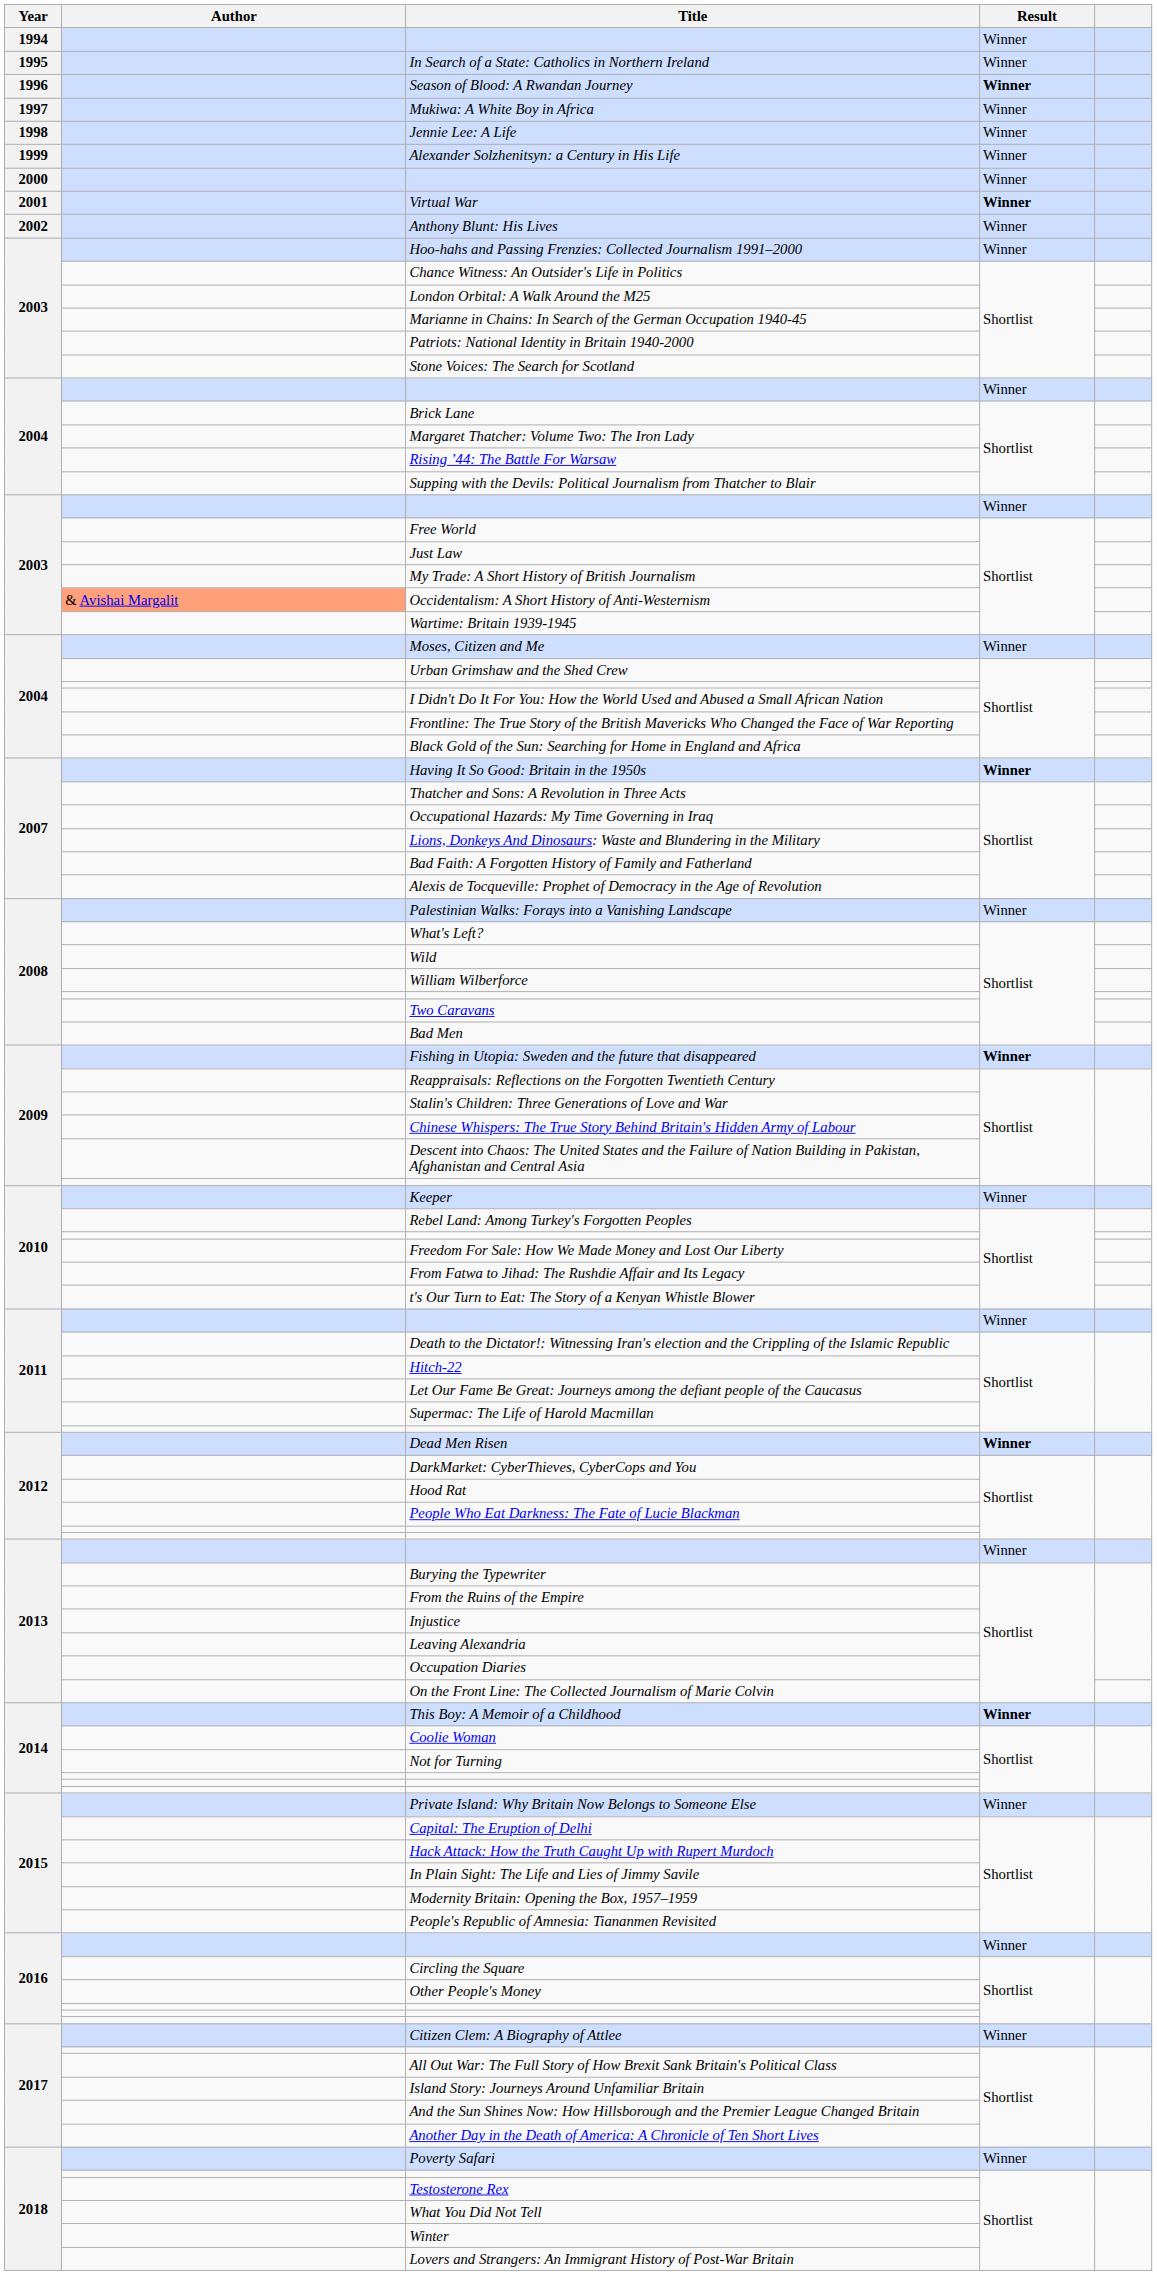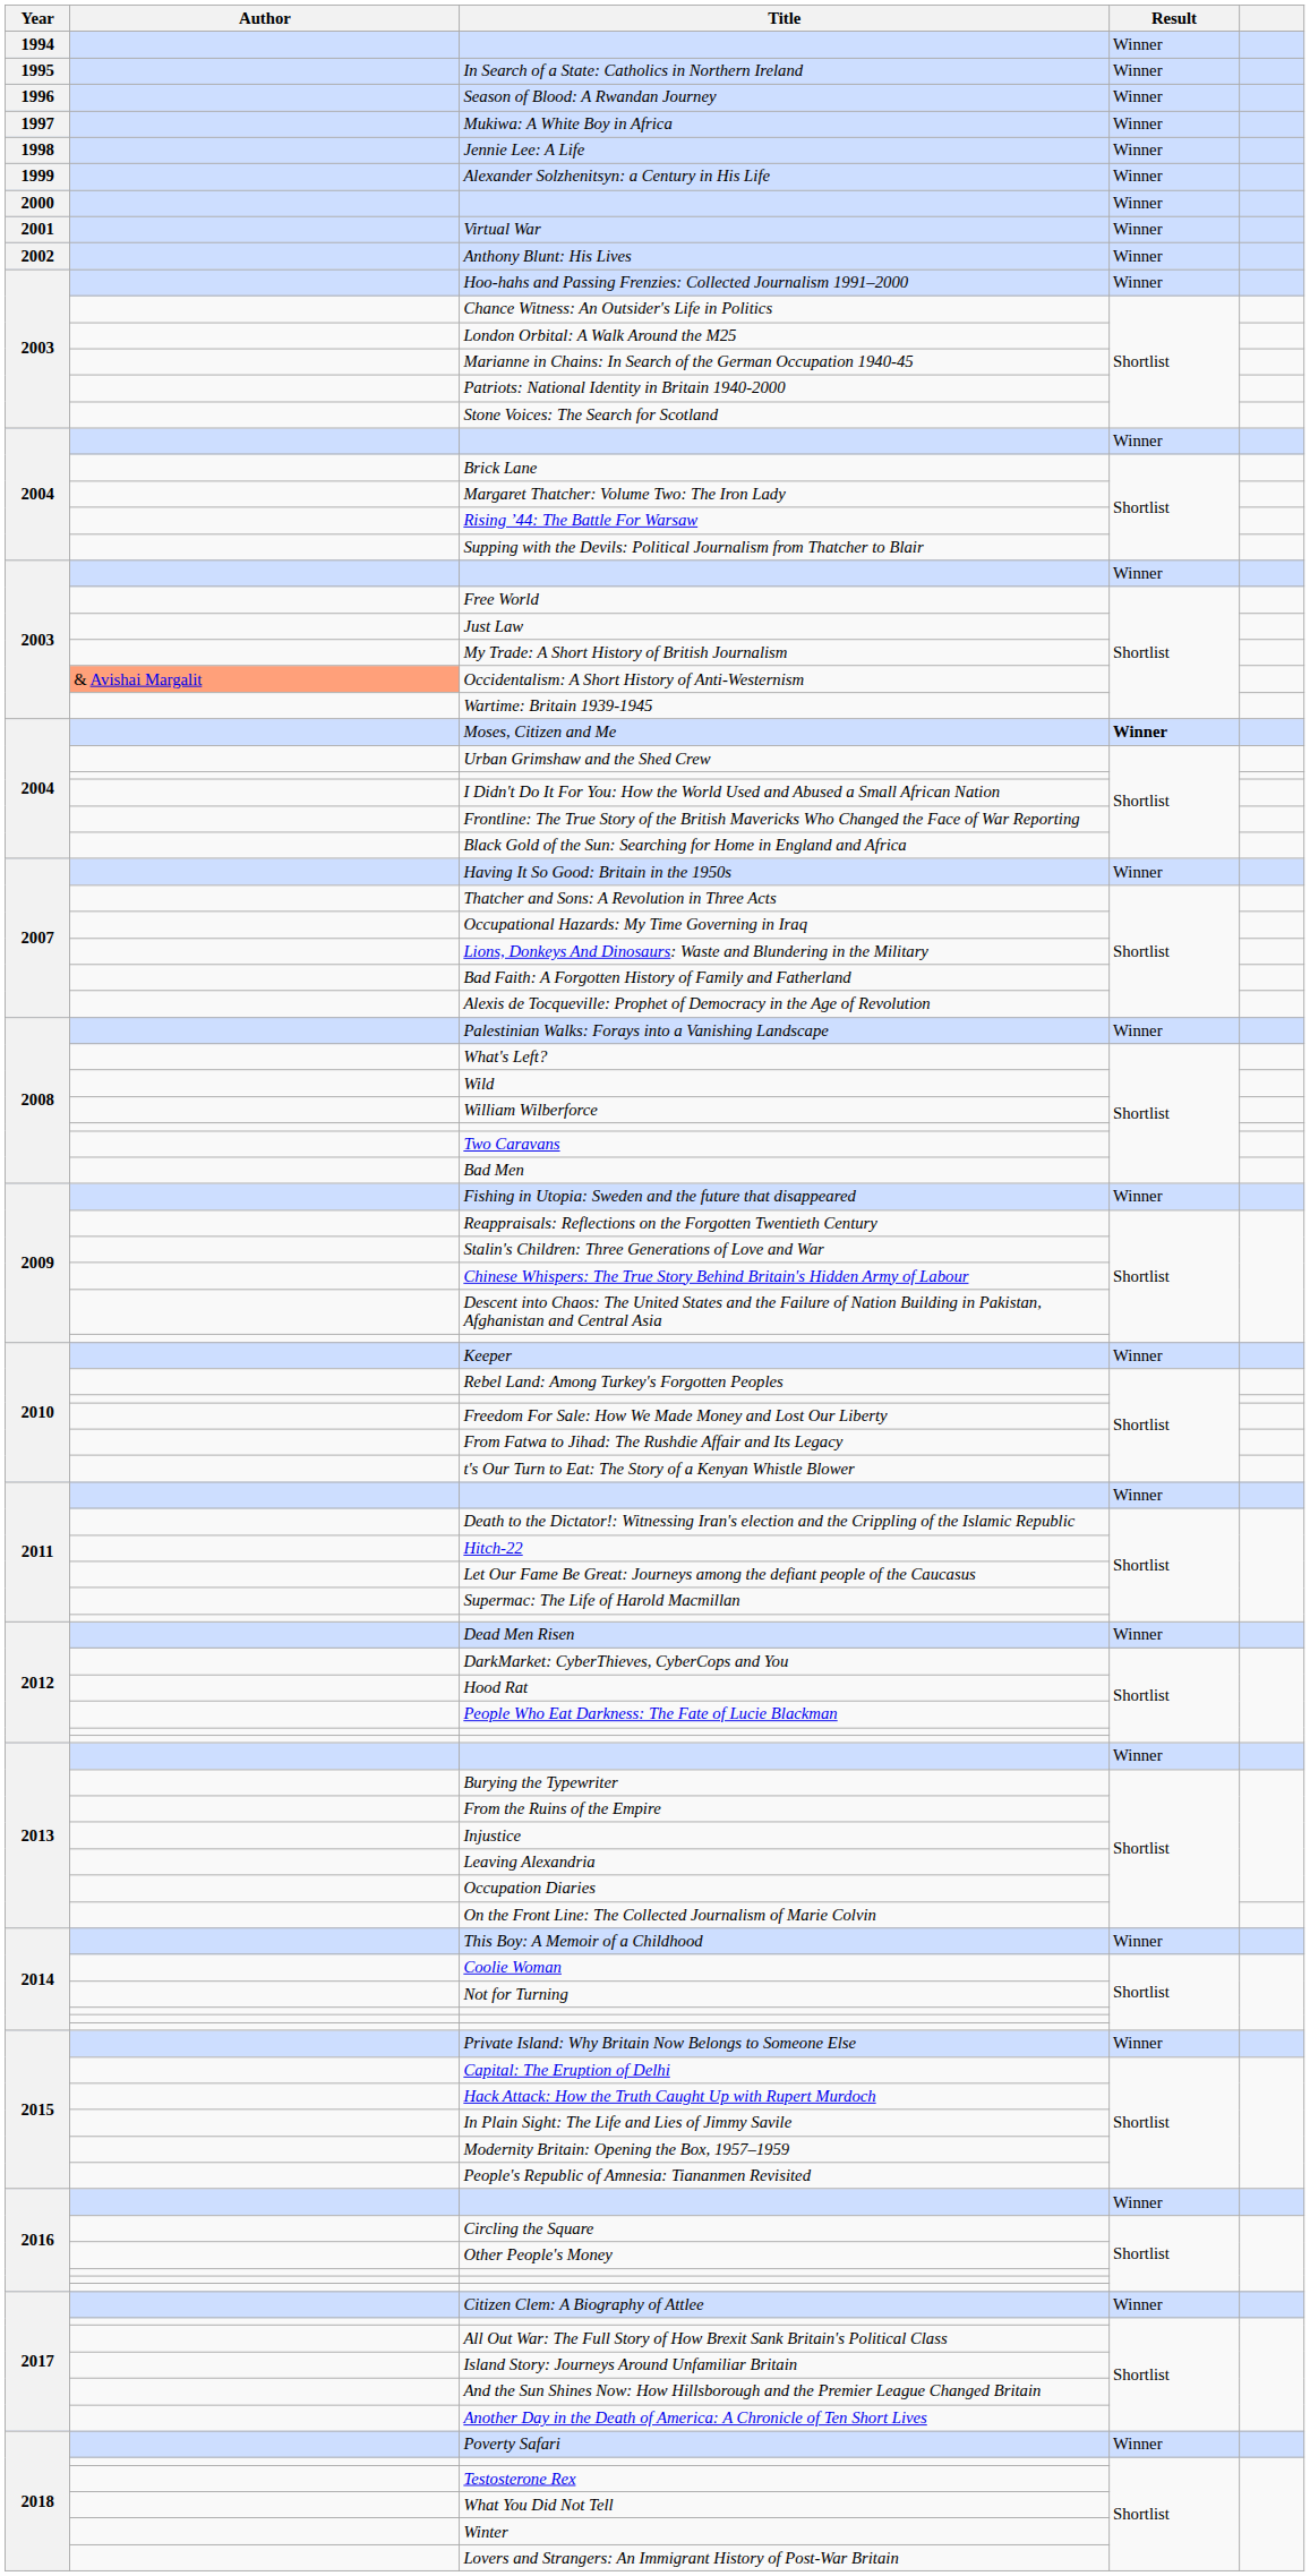 <table class="wikitable sortable mw-collapsible">
 <tr>
 <th scope="col" width="5%">Year</th>
 <th scope="col" width="30%">Author</th>
 <th scope="col" width="50%">Title</th>
 <th scope="col" width="10%">Result</th>
 <th scope="col" width="5%"></th>
 </tr>
 <tr style="background:#cddeff">
 <th>1994</th>
 <td></td>
 <td></td>
 <td>Winner</td>
 <td></td>
 </tr>
 <tr style="background:#cddeff">
 <th>1995</th>
 <td></td>
 <td><em>In Search of a State: Catholics in Northern Ireland</em></td>
 <td>Winner</td>
 <td></td>
 </tr>
 <tr style="background:#cddeff">
 <th>1996</th>
 <td></td>
 <td><em>Season of Blood: A Rwandan Journey</em></td>
-<td><strong>Winner</strong></td>
+<td>Winner</td>
 <td></td>
 </tr>
 <tr style="background:#cddeff">
 <th>1997</th>
 <td></td>
 <td><em>Mukiwa: A White Boy in Africa</em></td>
 <td>Winner</td>
 <td></td>
 </tr>
 <tr style="background:#cddeff">
 <th>1998</th>
 <td></td>
 <td><em>Jennie Lee: A Life</em></td>
 <td>Winner</td>
 <td></td>
 </tr>
 <tr style="background:#cddeff">
 <th>1999</th>
 <td></td>
 <td><em>Alexander Solzhenitsyn: a Century in His Life</em></td>
 <td>Winner</td>
 <td></td>
 </tr>
 <tr style="background:#cddeff">
 <th>2000</th>
 <td></td>
 <td></td>
 <td>Winner</td>
 <td></td>
 </tr>
 <tr style="background:#cddeff">
 <th>2001</th>
 <td></td>
 <td><em>Virtual War</em></td>
-<td><strong>Winner</strong></td>
+<td>Winner</td>
 <td></td>
 </tr>
 <tr style="background:#cddeff">
 <th>2002</th>
 <td></td>
 <td><em>Anthony Blunt: His Lives</em></td>
 <td>Winner</td>
 <td></td>
 </tr>
 <tr style="background:#cddeff">
 <th rowspan="6">2003</th>
 <td></td>
 <td><em>Hoo-hahs and Passing Frenzies: Collected Journalism 1991–2000</em></td>
 <td>Winner</td>
 <td></td>
 </tr>
 <tr>
 <td></td>
 <td><em>Chance Witness: An Outsider's Life in Politics</em></td>
 <td rowspan="5">Shortlist</td>
 <td></td>
 </tr>
 <tr>
 <td></td>
 <td><em>London Orbital: A Walk Around the M25</em></td>
 <td></td>
 </tr>
 <tr>
 <td></td>
 <td><em>Marianne in Chains: In Search of the German Occupation 1940-45</em></td>
 <td></td>
 </tr>
 <tr>
 <td></td>
 <td><em>Patriots: National Identity in Britain 1940-2000</em></td>
 <td></td>
 </tr>
 <tr>
 <td></td>
 <td><em>Stone Voices: The Search for Scotland</em></td>
 <td></td>
 </tr>
 <tr style="background:#cddeff">
 <th rowspan="5">2004</th>
 <td></td>
 <td></td>
 <td>Winner</td>
 <td></td>
 </tr>
 <tr>
 <td></td>
 <td><em>Brick Lane</em></td>
 <td rowspan="4">Shortlist</td>
 <td></td>
 </tr>
 <tr>
 <td></td>
 <td><em>Margaret Thatcher: Volume Two: The Iron Lady</em></td>
 <td></td>
 </tr>
 <tr>
 <td></td>
 <td><em><a href='#'>Rising ’44: The Battle For Warsaw</a></em></td>
 <td></td>
 </tr>
 <tr>
 <td></td>
 <td><em>Supping with the Devils: Political Journalism from Thatcher to Blair</em></td>
 <td></td>
 </tr>
 <tr style="background:#cddeff">
 <th rowspan="6">2003</th>
 <td></td>
 <td></td>
 <td>Winner</td>
 <td></td>
 </tr>
 <tr>
 <td></td>
 <td><em>Free World</em></td>
 <td rowspan="5">Shortlist</td>
 <td></td>
 </tr>
 <tr>
 <td></td>
 <td><em>Just Law</em></td>
 <td></td>
 </tr>
 <tr>
 <td></td>
 <td><em>My Trade: A Short History of British Journalism</em></td>
 <td></td>
 </tr>
 <tr>
 <td style="background: lightsalmon;">  & <a href='#'>Avishai Margalit</a></td>
 <td><em>Occidentalism: A Short History of Anti-Westernism</em></td>
 <td></td>
 </tr>
 <tr>
 <td></td>
 <td><em>Wartime: Britain 1939-1945</em></td>
 <td></td>
 </tr>
 <tr style="background:#cddeff">
 <th rowspan="6">2004</th>
 <td></td>
 <td><em>Moses, Citizen and Me</em></td>
-<td>Winner</td>
+<td><strong>Winner</strong></td>
 <td></td>
 </tr>
 <tr>
 <td></td>
 <td><em>Urban Grimshaw and the Shed Crew</em></td>
 <td rowspan="5">Shortlist</td>
 <td></td>
 </tr>
 <tr>
 <td></td>
 <td></td>
 <td></td>
 </tr>
 <tr>
 <td></td>
 <td><em>I Didn't Do It For You: How the World Used and Abused a Small African Nation</em></td>
 <td></td>
 </tr>
 <tr>
 <td></td>
 <td><em>Frontline: The True Story of the British Mavericks Who Changed the Face of War Reporting</em></td>
 <td></td>
 </tr>
 <tr>
 <td></td>
 <td><em>Black Gold of the Sun: Searching for Home in England and Africa</em></td>
 <td></td>
 </tr>
 <tr style="background:#cddeff">
 <th rowspan="6">2007</th>
 <td></td>
 <td><em>Having It So Good: Britain in the 1950s</em></td>
-<td><strong>Winner</strong></td>
+<td>Winner</td>
 <td></td>
 </tr>
 <tr>
 <td></td>
 <td><em>Thatcher and Sons: A Revolution in Three Acts</em></td>
 <td rowspan="5">Shortlist</td>
 <td></td>
 </tr>
 <tr>
 <td></td>
 <td><em>Occupational Hazards: My Time Governing in Iraq</em></td>
 <td></td>
 </tr>
 <tr>
 <td></td>
 <td><em><a href='#'>Lions, Donkeys And Dinosaurs</a>: Waste and Blundering in the Military</em></td>
 <td></td>
 </tr>
 <tr>
 <td></td>
 <td><em>Bad Faith: A Forgotten History of Family and Fatherland</em></td>
 <td></td>
 </tr>
 <tr>
 <td></td>
 <td><em>Alexis de Tocqueville: Prophet of Democracy in the Age of Revolution</em></td>
 <td></td>
 </tr>
 <tr style="background:#cddeff">
 <th rowspan="7">2008</th>
 <td></td>
 <td><em>Palestinian Walks: Forays into a Vanishing Landscape</em></td>
 <td>Winner</td>
 <td></td>
 </tr>
 <tr>
 <td></td>
 <td><em>What's Left?</em></td>
 <td rowspan="6">Shortlist</td>
 <td></td>
 </tr>
 <tr>
 <td></td>
 <td><em>Wild</em></td>
 <td></td>
 </tr>
 <tr>
 <td></td>
 <td><em>William Wilberforce</em></td>
 <td></td>
 </tr>
 <tr>
 <td></td>
 <td></td>
 <td></td>
 </tr>
 <tr>
 <td></td>
 <td><em><a href='#'>Two Caravans</a></em></td>
 <td></td>
 </tr>
 <tr>
 <td></td>
 <td><em>Bad Men</em></td>
 <td></td>
 </tr>
 <tr style="background:#cddeff">
 <th rowspan="6">2009</th>
 <td></td>
 <td><em>Fishing in Utopia: Sweden and the future that disappeared</em></td>
-<td><strong>Winner</strong></td>
+<td>Winner</td>
 <td></td>
 </tr>
 <tr>
 <td></td>
 <td><em>Reappraisals: Reflections on the Forgotten Twentieth Century</em></td>
 <td rowspan="5">Shortlist</td>
 <td rowspan="5"></td>
 </tr>
 <tr>
 <td></td>
 <td><em>Stalin's Children: Three Generations of Love and War</em></td>
 </tr>
 <tr>
 <td></td>
 <td><em><a href='#'>Chinese Whispers: The True Story Behind Britain's Hidden Army of Labour</a></em></td>
 </tr>
 <tr>
 <td></td>
 <td><em>Descent into Chaos: The United States and the Failure of Nation Building in Pakistan, Afghanistan and Central Asia</em></td>
 </tr>
 <tr>
 <td></td>
 <td></td>
 </tr>
 <tr style="background:#cddeff">
 <th rowspan="6">2010</th>
 <td></td>
 <td><em>Keeper</em></td>
 <td>Winner</td>
 <td></td>
 </tr>
 <tr>
 <td></td>
 <td><em>Rebel Land: Among Turkey's Forgotten Peoples</em></td>
 <td rowspan="5">Shortlist</td>
 <td></td>
 </tr>
 <tr>
 <td></td>
 <td><em></em></td>
 <td></td>
 </tr>
 <tr>
 <td></td>
 <td><em>Freedom For Sale: How We Made Money and Lost Our Liberty</em></td>
 <td></td>
 </tr>
 <tr>
 <td></td>
 <td><em>From Fatwa to Jihad: The Rushdie Affair and Its Legacy</em></td>
 <td></td>
 </tr>
 <tr>
 <td></td>
 <td><em>t's Our Turn to Eat: The Story of a Kenyan Whistle Blower</em></td>
 <td></td>
 </tr>
 <tr style="background:#cddeff">
 <th rowspan="6">2011</th>
 <td></td>
 <td></td>
 <td>Winner</td>
 <td></td>
 </tr>
 <tr>
 <td></td>
 <td><em>Death to the Dictator!: Witnessing Iran's election and the Crippling of the Islamic Republic</em></td>
 <td rowspan="5">Shortlist</td>
 <td rowspan="5"></td>
 </tr>
 <tr>
 <td></td>
 <td><em><a href='#'>Hitch-22</a></em></td>
 </tr>
 <tr>
 <td></td>
 <td><em>Let Our Fame Be Great: Journeys among the defiant people of the Caucasus</em></td>
 </tr>
 <tr>
 <td></td>
 <td><em>Supermac: The Life of Harold Macmillan</em></td>
 </tr>
 <tr>
 <td></td>
 <td></td>
 </tr>
 <tr style="background:#cddeff">
 <th rowspan="6">2012</th>
 <td></td>
 <td><em>Dead Men Risen</em></td>
-<td><strong>Winner</strong></td>
+<td>Winner</td>
 <td></td>
 </tr>
 <tr>
 <td></td>
 <td><em>DarkMarket: CyberThieves, CyberCops and You</em></td>
 <td rowspan="5">Shortlist</td>
 <td rowspan="5"></td>
 </tr>
 <tr>
 <td></td>
 <td><em>Hood Rat</em></td>
 </tr>
 <tr>
 <td></td>
 <td><em><a href='#'>People Who Eat Darkness: The Fate of Lucie Blackman</a></em></td>
 </tr>
 <tr>
 <td></td>
 <td></td>
 </tr>
 <tr>
 <td></td>
 <td></td>
 </tr>
 <tr style="background:#cddeff">
 <th rowspan="7">2013</th>
 <td></td>
 <td></td>
 <td>Winner</td>
 <td></td>
 </tr>
 <tr>
 <td></td>
 <td><em>Burying the Typewriter</em></td>
 <td rowspan="6">Shortlist</td>
 <td rowspan="5"></td>
 </tr>
 <tr>
 <td></td>
 <td><em>From the Ruins of the Empire</em></td>
 </tr>
 <tr>
 <td></td>
 <td><em>Injustice</em></td>
 </tr>
 <tr>
 <td></td>
 <td><em>Leaving Alexandria</em></td>
 </tr>
 <tr>
 <td></td>
 <td><em>Occupation Diaries</em></td>
 </tr>
 <tr>
 <td></td>
 <td><em>On the Front Line: The Collected Journalism of Marie Colvin</em></td>
 <td></td>
 </tr>
 <tr style="background:#cddeff">
 <th rowspan="6">2014</th>
 <td></td>
 <td><em>This Boy: A Memoir of a Childhood</em></td>
-<td><strong>Winner</strong></td>
+<td>Winner</td>
 <td></td>
 </tr>
 <tr>
 <td></td>
 <td><em><a href='#'>Coolie Woman</a></em></td>
 <td rowspan="5">Shortlist</td>
 <td rowspan="5"></td>
 </tr>
 <tr>
 <td></td>
 <td><em>Not for Turning</em></td>
 </tr>
 <tr>
 <td></td>
 <td></td>
 </tr>
 <tr>
 <td></td>
 <td></td>
 </tr>
 <tr>
 <td></td>
 <td></td>
 </tr>
 <tr style="background:#cddeff">
 <th rowspan="6">2015</th>
 <td></td>
 <td><em>Private Island: Why Britain Now Belongs to Someone Else</em></td>
 <td>Winner</td>
 <td></td>
 </tr>
 <tr>
 <td></td>
 <td><em><a href='#'>Capital: The Eruption of Delhi</a></em></td>
 <td rowspan="5">Shortlist</td>
 <td rowspan="5"></td>
 </tr>
 <tr>
 <td></td>
 <td><em><a href='#'>Hack Attack: How the Truth Caught Up with Rupert Murdoch</a></em></td>
 </tr>
 <tr>
 <td></td>
 <td><em>In Plain Sight: The Life and Lies of Jimmy Savile</em></td>
 </tr>
 <tr>
 <td></td>
 <td><em>Modernity Britain: Opening the Box, 1957–1959</em></td>
 </tr>
 <tr>
 <td></td>
 <td><em>People's Republic of Amnesia: Tiananmen Revisited</em></td>
 </tr>
 <tr style="background:#cddeff">
 <th rowspan="6">2016</th>
 <td></td>
 <td></td>
 <td>Winner</td>
 <td></td>
 </tr>
 <tr>
 <td></td>
 <td><em>Circling the Square</em></td>
 <td rowspan="5">Shortlist</td>
 <td rowspan="5"></td>
 </tr>
 <tr>
 <td></td>
 <td><em>Other People's Money</em></td>
 </tr>
 <tr>
 <td></td>
 <td></td>
 </tr>
 <tr>
 <td></td>
 <td></td>
 </tr>
 <tr>
 <td></td>
 <td></td>
 </tr>
 <tr style="background:#cddeff">
 <th rowspan="6">2017</th>
 <td></td>
 <td><em>Citizen Clem: A Biography of Attlee</em></td>
 <td>Winner</td>
 <td></td>
 </tr>
 <tr>
 <td></td>
 <td></td>
 <td rowspan="5">Shortlist</td>
 <td rowspan="5"></td>
 </tr>
 <tr>
 <td></td>
 <td><em>All Out War: The Full Story of How Brexit Sank Britain's Political Class</em></td>
 </tr>
 <tr>
 <td></td>
 <td><em>Island Story: Journeys Around Unfamiliar Britain</em></td>
 </tr>
 <tr>
 <td></td>
 <td><em>And the Sun Shines Now: How Hillsborough and the Premier League Changed Britain</em></td>
 </tr>
 <tr>
 <td></td>
 <td><em><a href='#'>Another Day in the Death of America: A Chronicle of Ten Short Lives</a></em></td>
 </tr>
 <tr style="background:#cddeff">
 <th rowspan="6">2018</th>
 <td></td>
 <td><em>Poverty Safari</em></td>
 <td>Winner</td>
 <td></td>
 </tr>
 <tr>
 <td></td>
 <td></td>
 <td rowspan="5">Shortlist</td>
 <td rowspan="5"></td>
 </tr>
 <tr>
 <td></td>
 <td><em><a href='#'>Testosterone Rex</a></em></td>
 </tr>
 <tr>
 <td></td>
 <td><em>What You Did Not Tell</em></td>
 </tr>
 <tr>
 <td></td>
 <td><em>Winter</em></td>
 </tr>
 <tr>
 <td></td>
 <td><em>Lovers and Strangers: An Immigrant History of Post-War Britain</em></td>
 </tr>
 </table>
